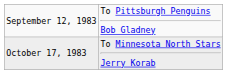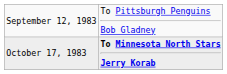 <table class="wikitable">
 <tr>
 <td>September 12, 1983</td>
 <td valign="top">To <a href='#'>Pittsburgh Penguins</a><hr><a href='#'>Bob Gladney</a></td>
 </tr>
 <tr style="background:#eee;">
 <td>October 17, 1983</td>
-<td valign="top">To <a href='#'>Minnesota North Stars</a><hr><a href='#'>Jerry Korab</a></td>
+<td valign="top"><strong>To <a href='#'>Minnesota North Stars</a><hr><a href='#'>Jerry Korab</a></strong></td>
 </tr>
 </table>
